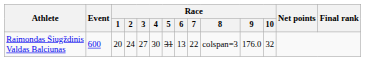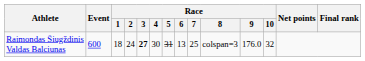 <table class="wikitable" style="font-size:90%">
 <tr>
 <th rowspan="2">Athlete</th>
 <th rowspan="2">Event</th>
 <th colspan=10>Race</th>
 <th rowspan=2>Net points</th>
 <th rowspan=2>Final rank</th>
 </tr>
 <tr style="font-size:95%">
 <th>1</th>
 <th>2</th>
 <th>3</th>
 <th>4</th>
 <th>5</th>
 <th>6</th>
 <th>7</th>
 <th>8</th>
 <th>9</th>
 <th>10</th>
 </tr>
 <tr align=center>
 <td align=left><a href='#'>Raimondas Šiugždinis</a><br><a href='#'>Valdas Balciunas</a></td>
 <td align=left><a href='#'>600</a></td>
-<td>20</td>
+<td>18</td>
 <td>24</td>
-<td>27</td>
+<td><strong>27</strong></td>
 <td>30</td>
 <td><s>31</s></td>
 <td>13</td>
-<td>22</td>
+<td>25</td>
 <td>colspan=3 </td>
 <td>176.0</td>
 <td>32</td>
 </tr>
 </table>
